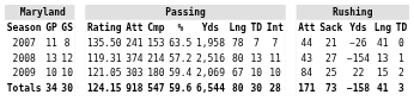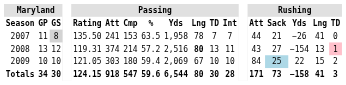 <table BORDER="0" CELLPADDING="3" CELLSPACING="0" ID="Table3" border="2">
 <tr ALIGN="center" bgcolor="#e0e0e0">
 <th ALIGN="center" colspan="3"> Maryland</th>
 <th ALIGN="center" rowspan="99" bgcolor="#ffffff"> </th>
 <th ALIGN="center" colspan="8">Passing</th>
 <th ALIGN="center" rowspan="99" bgcolor="#ffffff"> </th>
 <th ALIGN="center" colspan="5">Rushing</th>
 </tr>
 <tr ALIGN="center">
 </tr>
 <tr ALIGN="center">
 <th ALIGN="center">Season</th>
 <th ALIGN="center">GP</th>
 <th ALIGN="center">GS</th>
 <th ALIGN="center">Rating</th>
 <th ALIGN="center">Att</th>
 <th ALIGN="center">Cmp</th>
 <th ALIGN="center">%</th>
 <th ALIGN="center">Yds</th>
 <th ALIGN="center">Lng</th>
 <th ALIGN="center">TD</th>
 <th ALIGN="center">Int</th>
 <th ALIGN="center">Att</th>
 <th ALIGN="center">Sack</th>
 <th ALIGN="center">Yds</th>
 <th ALIGN="center">Lng</th>
 <th ALIGN="center">TD</th>
 </tr>
 <tr ALIGN="center">
 <td ALIGN="center">2007</td>
 <td ALIGN="center">11</td>
-<td ALIGN="center">8</td>
+<td ALIGN="center" style="background: lightgrey;">8</td>
 <td ALIGN="center">135.50</td>
 <td ALIGN="center">241</td>
 <td ALIGN="center">153</td>
 <td ALIGN="center">63.5</td>
 <td ALIGN="center">1,958</td>
 <td ALIGN="center">78</td>
 <td ALIGN="center">7</td>
 <td ALIGN="center">7</td>
 <td ALIGN="center">44</td>
 <td ALIGN="center">21</td>
 <td ALIGN="center">−26</td>
 <td ALIGN="center">41</td>
 <td ALIGN="center">0</td>
 </tr>
 <tr ALIGN="center">
 <td ALIGN="center">2008</td>
 <td ALIGN="center">13</td>
 <td ALIGN="center">12</td>
 <td ALIGN="center">119.31</td>
 <td ALIGN="center">374</td>
 <td ALIGN="center">214</td>
 <td ALIGN="center">57.2</td>
 <td ALIGN="center">2,516</td>
-<td ALIGN="center">80</td>
+<td ALIGN="center"><strong>80</strong></td>
 <td ALIGN="center">13</td>
 <td ALIGN="center">11</td>
 <td ALIGN="center">43</td>
 <td ALIGN="center">27</td>
 <td ALIGN="center">−154</td>
 <td ALIGN="center">13</td>
-<td ALIGN="center">1</td>
+<td ALIGN="center" style="background: pink;">1</td>
 </tr>
 <tr ALIGN="center">
 <td ALIGN="center">2009</td>
 <td ALIGN="center">10</td>
 <td ALIGN="center">10</td>
 <td ALIGN="center">121.05</td>
 <td ALIGN="center">303</td>
 <td ALIGN="center">180</td>
 <td ALIGN="center">59.4</td>
 <td ALIGN="center">2,069</td>
 <td ALIGN="center">67</td>
 <td ALIGN="center">10</td>
 <td ALIGN="center">10</td>
 <td ALIGN="center">84</td>
-<td ALIGN="center">25</td>
+<td ALIGN="center" style="background: lightblue;">25</td>
 <td ALIGN="center">22</td>
 <td ALIGN="center">15</td>
 <td ALIGN="center">2</td>
 </tr>
 <tr ALIGN="center">
 <th ALIGN="center">Totals</th>
 <th ALIGN="center">34</th>
 <th ALIGN="center">30</th>
 <th ALIGN="center">124.15</th>
 <th ALIGN="center">918</th>
 <th ALIGN="center">547</th>
 <th ALIGN="center">59.6</th>
 <th ALIGN="center">6,544</th>
 <th ALIGN="center">80</th>
 <th ALIGN="center">30</th>
 <th ALIGN="center">28</th>
 <th ALIGN="center">171</th>
 <th ALIGN="center">73</th>
 <th ALIGN="center">−158</th>
 <th ALIGN="center">41</th>
 <th ALIGN="center">3</th>
 </tr>
 </table>
